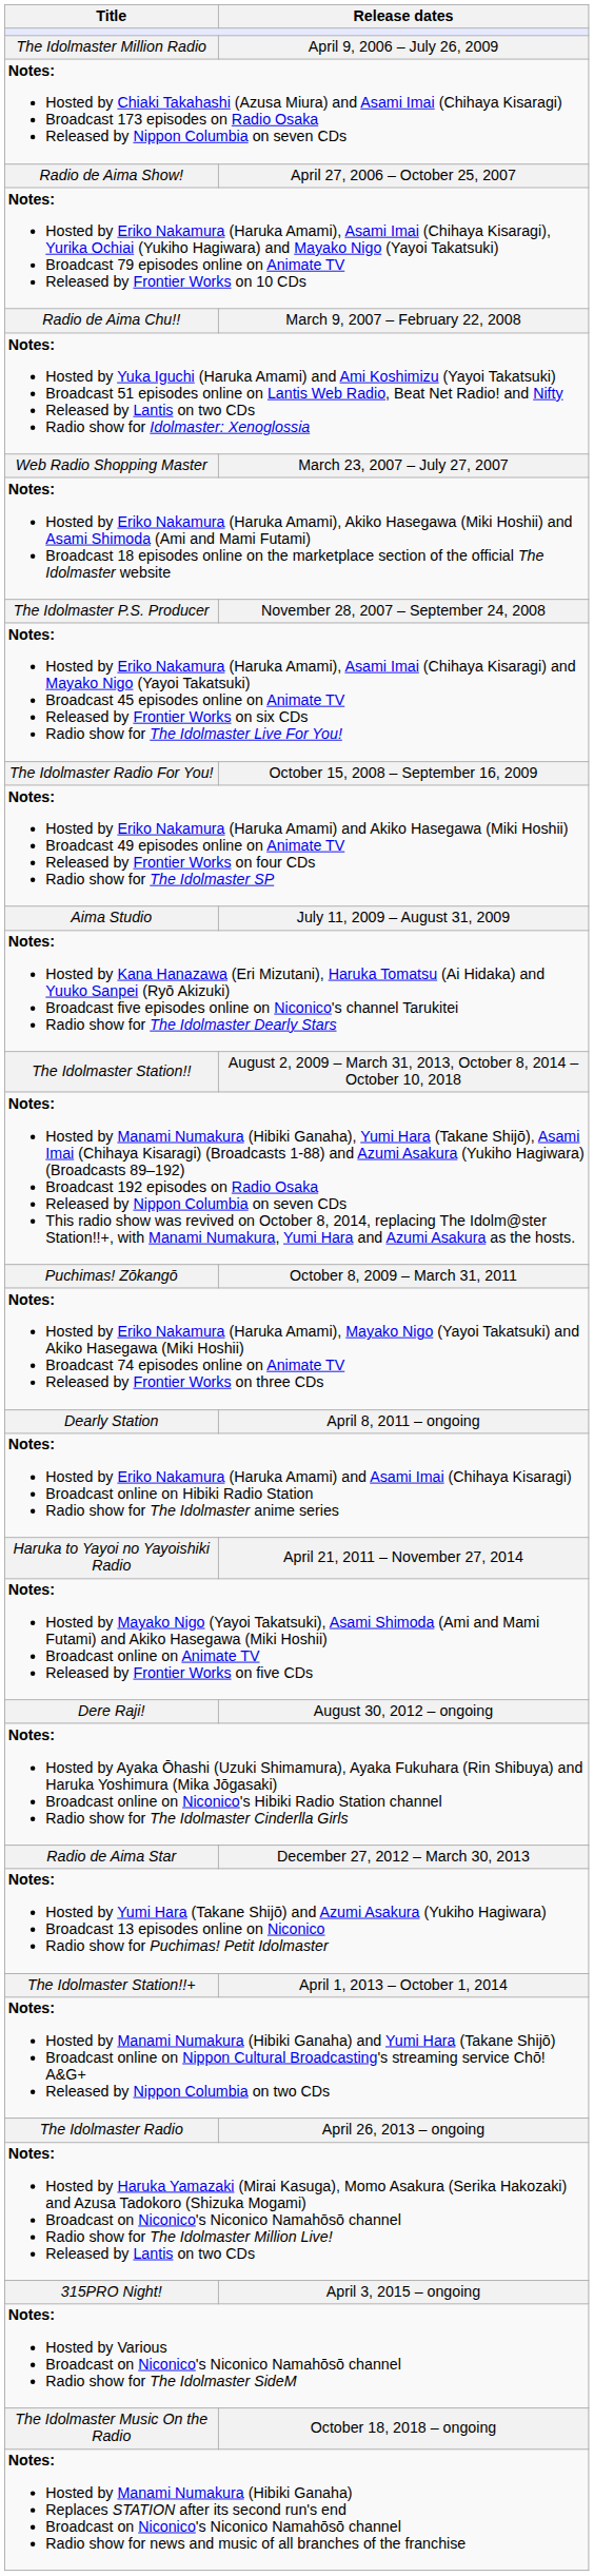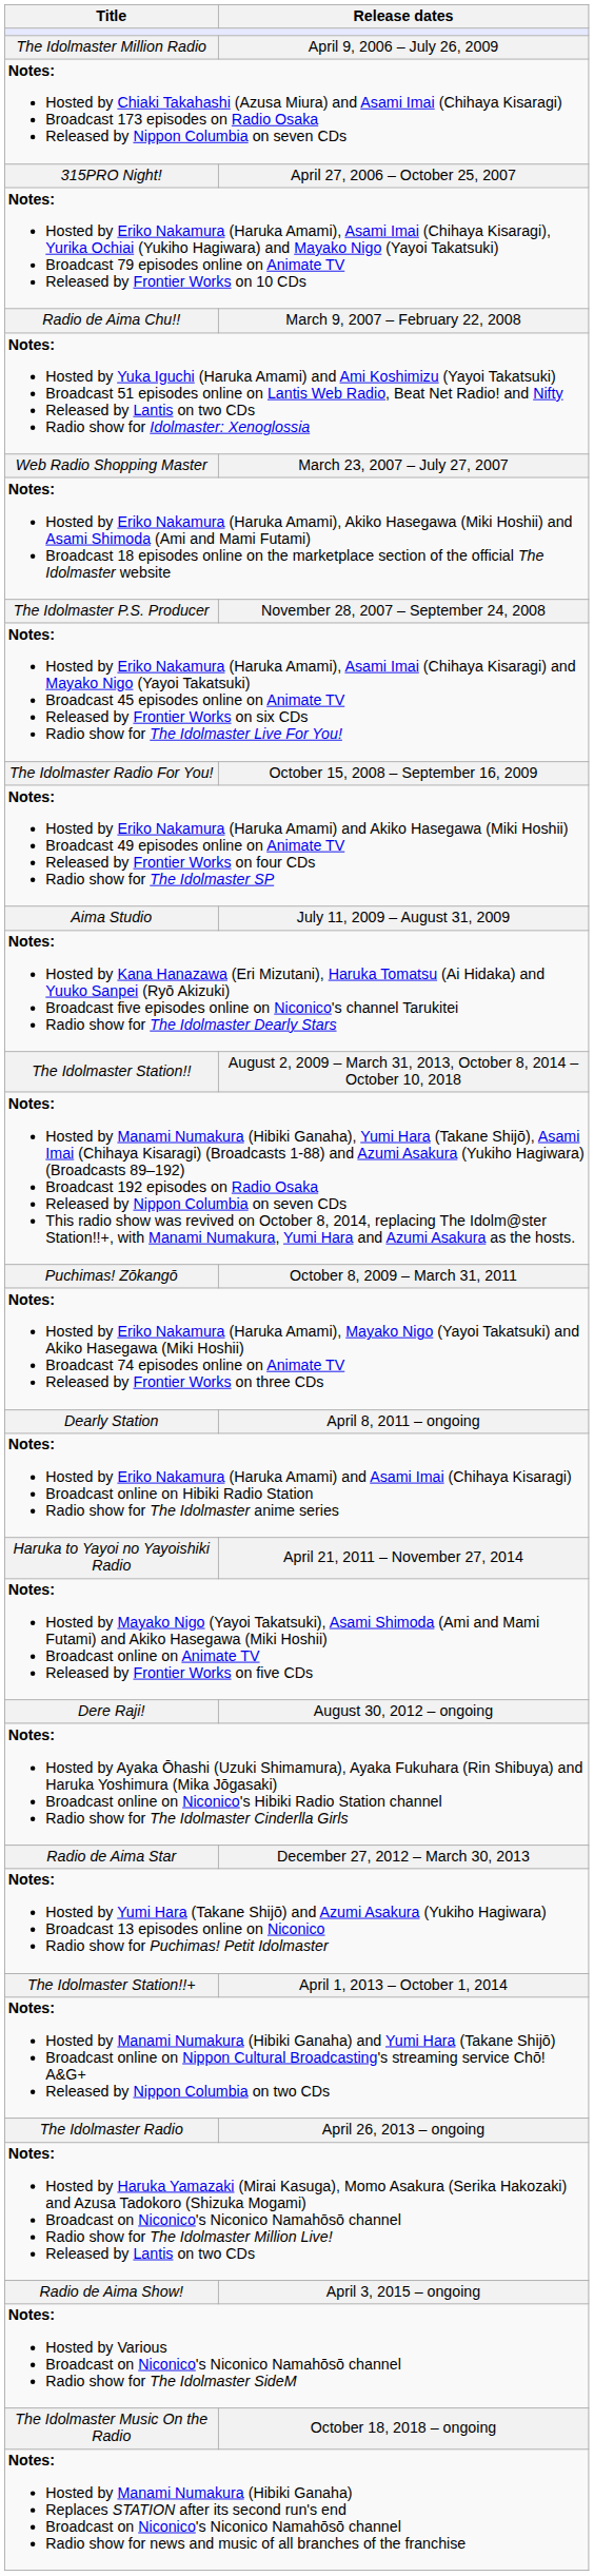 <table class="wikitable" width="100%">
 <tr style="text-align: center;">
 <th>Title</th>
 <th>Release dates</th>
 </tr>
 <tr>
 <td colspan="2" bgcolor="#e6e9ff"></td>
 </tr>
 <tr bgcolor="#F2F2F2" align="center">
 <td><em>The Idolmaster Million Radio</em></td>
 <td>April 9, 2006 – July 26, 2009</td>
 </tr>
 <tr>
 <td colspan="2" style="border: none; vertical-align: top;"><strong>Notes:</strong><br><ul><li>Hosted by <a href='#'>Chiaki Takahashi</a> (Azusa Miura) and <a href='#'>Asami Imai</a> (Chihaya Kisaragi)</li><li>Broadcast 173 episodes on <a href='#'>Radio Osaka</a></li><li>Released by <a href='#'>Nippon Columbia</a> on seven CDs</li></ul></td>
 </tr>
 <tr bgcolor="#F2F2F2" align="center">
-<td><em>Radio de Aima Show!</em></td>
+<td><em>315PRO Night!</em></td>
 <td>April 27, 2006 – October 25, 2007</td>
 </tr>
 <tr>
 <td colspan="2" style="border: none; vertical-align: top;"><strong>Notes:</strong><br><ul><li>Hosted by <a href='#'>Eriko Nakamura</a> (Haruka Amami), <a href='#'>Asami Imai</a> (Chihaya Kisaragi), <a href='#'>Yurika Ochiai</a> (Yukiho Hagiwara) and <a href='#'>Mayako Nigo</a> (Yayoi Takatsuki)</li><li>Broadcast 79 episodes online on <a href='#'>Animate TV</a></li><li>Released by <a href='#'>Frontier Works</a> on 10 CDs</li></ul></td>
 </tr>
 <tr bgcolor="#F2F2F2" align="center">
 <td><em>Radio de Aima Chu!!</em></td>
 <td>March 9, 2007 – February 22, 2008</td>
 </tr>
 <tr>
 <td colspan="2" style="border: none; vertical-align: top;"><strong>Notes:</strong><br><ul><li>Hosted by <a href='#'>Yuka Iguchi</a> (Haruka Amami) and <a href='#'>Ami Koshimizu</a> (Yayoi Takatsuki)</li><li>Broadcast 51 episodes online on <a href='#'>Lantis Web Radio</a>, Beat Net Radio! and <a href='#'>Nifty</a></li><li>Released by <a href='#'>Lantis</a> on two CDs</li><li>Radio show for <em><a href='#'>Idolmaster: Xenoglossia</a></em></li></ul></td>
 </tr>
 <tr bgcolor="#F2F2F2" align="center">
 <td><em>Web Radio Shopping Master</em></td>
 <td>March 23, 2007 – July 27, 2007</td>
 </tr>
 <tr>
 <td colspan="2" style="border: none; vertical-align: top;"><strong>Notes:</strong><br><ul><li>Hosted by <a href='#'>Eriko Nakamura</a> (Haruka Amami), Akiko Hasegawa (Miki Hoshii) and <a href='#'>Asami Shimoda</a> (Ami and Mami Futami)</li><li>Broadcast 18 episodes online on the marketplace section of the official <em>The Idolmaster</em> website</li></ul></td>
 </tr>
 <tr bgcolor="#F2F2F2" align="center">
 <td><em>The Idolmaster P.S. Producer</em></td>
 <td>November 28, 2007 – September 24, 2008</td>
 </tr>
 <tr>
 <td colspan="2" style="border: none; vertical-align: top;"><strong>Notes:</strong><br><ul><li>Hosted by <a href='#'>Eriko Nakamura</a> (Haruka Amami), <a href='#'>Asami Imai</a> (Chihaya Kisaragi) and <a href='#'>Mayako Nigo</a> (Yayoi Takatsuki)</li><li>Broadcast 45 episodes online on <a href='#'>Animate TV</a></li><li>Released by <a href='#'>Frontier Works</a> on six CDs</li><li>Radio show for <em><a href='#'>The Idolmaster Live For You!</a></em></li></ul></td>
 </tr>
 <tr bgcolor="#F2F2F2" align="center">
 <td><em>The Idolmaster Radio For You!</em></td>
 <td>October 15, 2008 – September 16, 2009</td>
 </tr>
 <tr>
 <td colspan="2" style="border: none; vertical-align: top;"><strong>Notes:</strong><br><ul><li>Hosted by <a href='#'>Eriko Nakamura</a> (Haruka Amami) and Akiko Hasegawa (Miki Hoshii)</li><li>Broadcast 49 episodes online on <a href='#'>Animate TV</a></li><li>Released by <a href='#'>Frontier Works</a> on four CDs</li><li>Radio show for <em><a href='#'>The Idolmaster SP</a></em></li></ul></td>
 </tr>
 <tr bgcolor="#F2F2F2" align="center">
 <td><em>Aima Studio</em></td>
 <td>July 11, 2009 – August 31, 2009</td>
 </tr>
 <tr>
 <td colspan="2" style="border: none; vertical-align: top;"><strong>Notes:</strong><br><ul><li>Hosted by <a href='#'>Kana Hanazawa</a> (Eri Mizutani), <a href='#'>Haruka Tomatsu</a> (Ai Hidaka) and <a href='#'>Yuuko Sanpei</a> (Ryō Akizuki)</li><li>Broadcast five episodes online on <a href='#'>Niconico</a>'s channel Tarukitei</li><li>Radio show for <em><a href='#'>The Idolmaster Dearly Stars</a></em></li></ul></td>
 </tr>
 <tr bgcolor="#F2F2F2" align="center">
 <td><em>The Idolmaster Station!!</em></td>
 <td>August 2, 2009 – March 31, 2013, October 8, 2014 – October 10, 2018</td>
 </tr>
 <tr>
 <td colspan="2" style="border: none; vertical-align: top;"><strong>Notes:</strong><br><ul><li>Hosted by <a href='#'>Manami Numakura</a> (Hibiki Ganaha), <a href='#'>Yumi Hara</a> (Takane Shijō), <a href='#'>Asami Imai</a> (Chihaya Kisaragi) (Broadcasts 1-88) and <a href='#'>Azumi Asakura</a> (Yukiho Hagiwara) (Broadcasts 89–192)</li><li>Broadcast 192 episodes on <a href='#'>Radio Osaka</a></li><li>Released by <a href='#'>Nippon Columbia</a> on seven CDs</li><li>This radio show was revived on October 8, 2014, replacing The Idolm@ster Station!!+, with <a href='#'>Manami Numakura</a>, <a href='#'>Yumi Hara</a> and <a href='#'>Azumi Asakura</a> as the hosts.</li></ul></td>
 </tr>
 <tr bgcolor="#F2F2F2" align="center">
 <td><em>Puchimas! Zōkangō</em></td>
 <td>October 8, 2009 – March 31, 2011</td>
 </tr>
 <tr>
 <td colspan="2" style="border: none; vertical-align: top;"><strong>Notes:</strong><br><ul><li>Hosted by <a href='#'>Eriko Nakamura</a> (Haruka Amami), <a href='#'>Mayako Nigo</a> (Yayoi Takatsuki) and Akiko Hasegawa (Miki Hoshii)</li><li>Broadcast 74 episodes online on <a href='#'>Animate TV</a></li><li>Released by <a href='#'>Frontier Works</a> on three CDs</li></ul></td>
 </tr>
 <tr bgcolor="#F2F2F2" align="center">
 <td><em>Dearly Station</em></td>
 <td>April 8, 2011 – ongoing</td>
 </tr>
 <tr>
 <td colspan="2" style="border: none; vertical-align: top;"><strong>Notes:</strong><br><ul><li>Hosted by <a href='#'>Eriko Nakamura</a> (Haruka Amami) and <a href='#'>Asami Imai</a> (Chihaya Kisaragi)</li><li>Broadcast online on Hibiki Radio Station</li><li>Radio show for <em>The Idolmaster</em> anime series</li></ul></td>
 </tr>
 <tr bgcolor="#F2F2F2" align="center">
 <td><em>Haruka to Yayoi no Yayoishiki Radio</em></td>
 <td>April 21, 2011 – November 27, 2014</td>
 </tr>
 <tr>
 <td colspan="2" style="border: none; vertical-align: top;"><strong>Notes:</strong><br><ul><li>Hosted by <a href='#'>Mayako Nigo</a> (Yayoi Takatsuki), <a href='#'>Asami Shimoda</a> (Ami and Mami Futami) and Akiko Hasegawa (Miki Hoshii)</li><li>Broadcast online on <a href='#'>Animate TV</a></li><li>Released by <a href='#'>Frontier Works</a> on five CDs</li></ul></td>
 </tr>
 <tr bgcolor="#F2F2F2" align="center">
 <td><em>Dere Raji!</em></td>
 <td>August 30, 2012 – ongoing</td>
 </tr>
 <tr>
 <td colspan="2" style="border: none; vertical-align: top;"><strong>Notes:</strong><br><ul><li>Hosted by Ayaka Ōhashi (Uzuki Shimamura), Ayaka Fukuhara (Rin Shibuya) and Haruka Yoshimura (Mika Jōgasaki)</li><li>Broadcast online on <a href='#'>Niconico</a>'s Hibiki Radio Station channel</li><li>Radio show for <em>The Idolmaster Cinderlla Girls</em></li></ul></td>
 </tr>
 <tr bgcolor="#F2F2F2" align="center">
 <td><em>Radio de Aima Star</em></td>
 <td>December 27, 2012 – March 30, 2013</td>
 </tr>
 <tr>
 <td colspan="2" style="border: none; vertical-align: top;"><strong>Notes:</strong><br><ul><li>Hosted by <a href='#'>Yumi Hara</a> (Takane Shijō) and <a href='#'>Azumi Asakura</a> (Yukiho Hagiwara)</li><li>Broadcast 13 episodes online on <a href='#'>Niconico</a></li><li>Radio show for <em>Puchimas! Petit Idolmaster</em></li></ul></td>
 </tr>
 <tr bgcolor="#F2F2F2" align="center">
 <td><em>The Idolmaster Station!!+</em></td>
 <td>April 1, 2013 – October 1, 2014</td>
 </tr>
 <tr>
 <td colspan="2" style="border: none; vertical-align: top;"><strong>Notes:</strong><br><ul><li>Hosted by <a href='#'>Manami Numakura</a> (Hibiki Ganaha) and <a href='#'>Yumi Hara</a> (Takane Shijō)</li><li>Broadcast online on <a href='#'>Nippon Cultural Broadcasting</a>'s streaming service Chō! A&G+</li><li>Released by <a href='#'>Nippon Columbia</a> on two CDs</li></ul></td>
 </tr>
 <tr bgcolor="#F2F2F2" align="center">
 <td><em>The Idolmaster Radio</em></td>
 <td>April 26, 2013 – ongoing</td>
 </tr>
 <tr>
 <td colspan="2" style="border: none; vertical-align: top;"><strong>Notes:</strong><br><ul><li>Hosted by <a href='#'>Haruka Yamazaki</a> (Mirai Kasuga), Momo Asakura (Serika Hakozaki) and Azusa Tadokoro (Shizuka Mogami)</li><li>Broadcast on <a href='#'>Niconico</a>'s Niconico Namahōsō channel</li><li>Radio show for <em>The Idolmaster Million Live!</em></li><li>Released by <a href='#'>Lantis</a> on two CDs</li></ul></td>
 </tr>
 <tr>
 </tr>
 <tr bgcolor="#F2F2F2" align="center">
-<td><em>315PRO Night!</em></td>
+<td><em>Radio de Aima Show!</em></td>
 <td>April 3, 2015 – ongoing</td>
 </tr>
 <tr>
 <td colspan="2" style="border: none; vertical-align: top;"><strong>Notes:</strong><br><ul><li>Hosted by Various</li><li>Broadcast on <a href='#'>Niconico</a>'s Niconico Namahōsō channel</li><li>Radio show for <em>The Idolmaster SideM</em></li></ul></td>
 </tr>
 <tr bgcolor="#F2F2F2" align="center">
 <td><em>The Idolmaster Music On the Radio</em></td>
 <td>October 18, 2018 – ongoing</td>
 </tr>
 <tr>
 <td colspan="2" style="border: none; vertical-align: top;"><strong>Notes:</strong><br><ul><li>Hosted by <a href='#'>Manami Numakura</a> (Hibiki Ganaha)</li><li>Replaces <em>STATION</em> after its second run's end</li><li>Broadcast on <a href='#'>Niconico</a>'s Niconico Namahōsō channel</li><li>Radio show for news and music of all branches of the franchise</li></ul></td>
 </tr>
 </table>
